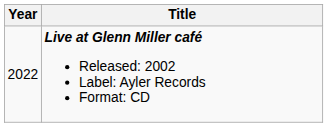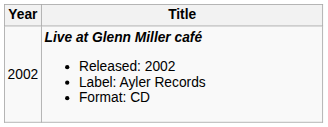 <table class="wikitable">
 <tr>
 <th>Year</th>
 <th style="width:225px;">Title</th>
 </tr>
 <tr>
-<td>2022</td>
+<td>2002</td>
 <td style="width:20em"><strong><em>Live at Glenn Miller café</em></strong><br><ul><li>Released: 2002</li><li>Label: Ayler Records </li><li>Format: CD</li></ul></td>
 </tr>
 </table>
